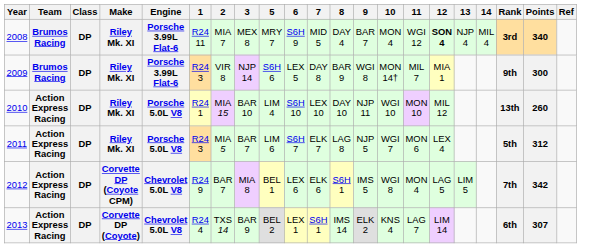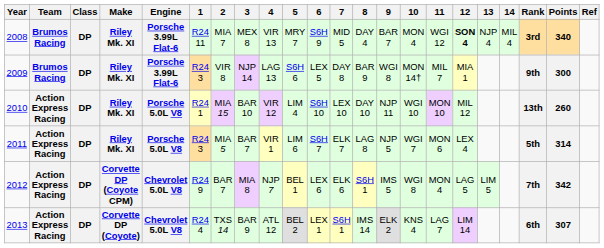 <table class="wikitable" style="text-align:center; font-size:90%">
 <tr>
 <th>Year</th>
 <th>Team</th>
 <th>Class</th>
 <th>Make</th>
 <th>Engine</th>
 <th>1</th>
 <th>2</th>
 <th>3</th>
+<th>4</th>
 <th>5</th>
 <th>6</th>
 <th>7</th>
 <th>8</th>
 <th>9</th>
 <th>10</th>
 <th>11</th>
 <th>12</th>
 <th>13</th>
 <th>14</th>
 <th>Rank</th>
 <th>Points</th>
 <th>Ref</th>
 </tr>
 <tr>
 <td><a href='#'>2008</a></td>
 <th><a href='#'>Brumos Racing</a></th>
 <th>DP</th>
 <th><a href='#'>Riley</a> Mk. XI</th>
 <th><a href='#'>Porsche</a> 3.99L <a href='#'>Flat-6</a></th>
 <td style="background:#DFFFDF;"><a href='#'>R24</a><br>11</td>
 <td style="background:#DFFFDF;">MIA<br>7</td>
 <td style="background:#DFFFDF;">MEX<br>8</td>
+<td style="background:#DFFFDF;">VIR<br>13</td>
 <td style="background:#DFFFDF;">MRY<br>7</td>
 <td style="background:#DFFFDF;"><a href='#'>S6H</a><br>9</td>
 <td style="background:#DFFFDF;">MID<br>5</td>
 <td style="background:#DFFFDF;">DAY<br>4</td>
 <td style="background:#DFFFDF;">BAR<br>7</td>
 <td style="background:#DFFFDF;">MON<br>4</td>
 <td style="background:#DFFFDF;">WGI<br>12</td>
 <td style="background:#DFFFDF;"><strong>SON <br>4</strong></td>
 <td style="background:#DFFFDF;">NJP<br>4</td>
 <td style="background:#DFFFDF;">MIL<br>4</td>
 <th style="background:#FFDF9F;”">3rd</th>
 <th style="background:#FFDF9F;”">340</th>
 <td></td>
 </tr>
 <tr>
 <td><a href='#'>2009</a></td>
 <th><a href='#'>Brumos Racing</a></th>
 <th>DP</th>
 <th><a href='#'>Riley</a> Mk. XI</th>
 <th><a href='#'>Porsche</a> 3.99L <a href='#'>Flat-6</a></th>
 <td style="background:#FFDF9F;”"><a href='#'>R24</a><br>3</td>
 <td style="background:#DFFFDF;">VIR<br>8</td>
 <td style="background:#EFCFFF;">NJP<br>14</td>
+<td style="background:#DFFFDF;">LAG<br>13</td>
 <td style="background:#DFFFDF;"><a href='#'>S6H</a><br>6</td>
 <td style="background:#DFFFDF;">LEX<br>5</td>
 <td style="background:#DFFFDF;">DAY<br>8</td>
 <td style="background:#DFFFDF;">BAR<br>9</td>
 <td style="background:#DFFFDF;">WGI<br>8</td>
 <td style="background:#DFFFDF;">MON<br>14†</td>
 <td style="background:#DFFFDF;">MIL<br>7</td>
 <td style="background:#FFFFBF;”">MIA<br>1</td>
 <td></td>
 <td></td>
 <th>9th</th>
 <th>300</th>
 <td></td>
 </tr>
 <tr>
 <td><a href='#'>2010</a></td>
 <th>Action Express Racing</th>
 <th>DP</th>
 <th><a href='#'>Riley</a> Mk. XI</th>
 <th><a href='#'>Porsche</a> 5.0L <a href='#'>V8</a></th>
 <td style="background:#FFFFBF;”"><a href='#'>R24</a><br>1</td>
 <td style="background:#EFCFFF;">MIA<br><em>15</em></td>
 <td style="background:#DFFFDF;">BAR<br>10</td>
+<td style="background:#EFCFFF;">VIR<br>12</td>
 <td style="background:#DFFFDF;">LIM<br>4</td>
 <td style="background:#DFFFDF;"><a href='#'>S6H</a><br>10</td>
 <td style="background:#DFFFDF;">LEX<br>10</td>
 <td style="background:#DFFFDF;">DAY<br>10</td>
 <td style="background:#DFFFDF;">NJP<br>11</td>
 <td style="background:#DFFFDF;">WGI<br>10</td>
 <td style="background:#EFCFFF;">MON<br>10</td>
 <td style="background:#DFFFDF;">MIL<br>12</td>
 <td></td>
 <td></td>
 <th>13th</th>
 <th>260</th>
 <td></td>
 </tr>
 <tr>
 <td><a href='#'>2011</a></td>
 <th>Action Express Racing</th>
 <th>DP</th>
 <th><a href='#'>Riley</a> Mk. XI</th>
 <th><a href='#'>Porsche</a> 5.0L <a href='#'>V8</a></th>
 <td style="background:#FFDF9F;”"><a href='#'>R24</a><br>3</td>
 <td style="background:#DFFFDF;">MIA<br><em>5</em></td>
 <td style="background:#DFFFDF;">BAR<br>7</td>
+<td style="background:#FFFFBF;”">VIR<br>1</td>
 <td style="background:#DFFFDF;">LIM<br>6</td>
 <td style="background:#DFFFDF;"><a href='#'>S6H</a><br>7</td>
 <td style="background:#DFFFDF;">ELK<br>7</td>
 <td style="background:#DFFFDF;">LAG<br>8</td>
 <td style="background:#DFFFDF;">NJP<br>5</td>
 <td style="background:#DFFFDF;">WGI<br>7</td>
 <td style="background:#DFFFDF;">MON<br>6</td>
 <td style="background:#DFFFDF;">LEX<br>4</td>
 <td></td>
 <td></td>
 <th>5th</th>
-<th>312</th>
+<th>314</th>
 <td></td>
 </tr>
 <tr>
 <td><a href='#'>2012</a></td>
 <th>Action Express Racing</th>
 <th>DP</th>
 <th><a href='#'>Corvette DP</a> (<a href='#'>Coyote</a> CPM)</th>
 <th><a href='#'>Chevrolet</a> 5.0L <a href='#'>V8</a></th>
 <td style="background:#DFFFDF;"><a href='#'>R24</a><br>9</td>
 <td style="background:#DFFFDF;">BAR<br>7</td>
 <td style="background:#EFCFFF;">MIA<br>8</td>
+<td style="background:#DFFFDF;">NJP<br><em>7</em></td>
 <td style="background:#FFFFBF;”">BEL<br>1</td>
 <td style="background:#DFFFDF;">LEX<br>6</td>
 <td style="background:#DFFFDF;">ELK<br>6</td>
 <td style="background:#FFFFBF;”"><a href='#'>S6H</a><br>1</td>
 <td style="background:#DFFFDF;">IMS<br>5</td>
 <td style="background:#DFFFDF;">WGI<br>8</td>
 <td style="background:#DFFFDF;">MON<br>4</td>
 <td style="background:#DFFFDF;">LAG<br>5</td>
 <td style="background:#DFFFDF;">LIM<br>5</td>
 <td></td>
 <th>7th</th>
 <th>342</th>
 <td></td>
 </tr>
 <tr>
 <td><a href='#'>2013</a></td>
 <th>Action Express Racing</th>
 <th>DP</th>
 <th><a href='#'>Corvette</a> DP (<a href='#'>Coyote</a>)</th>
 <th><a href='#'>Chevrolet</a> 5.0L <a href='#'>V8</a></th>
 <td style="background:#DFFFDF;"><a href='#'>R24</a><br>4</td>
 <td style="background:#DFFFDF;">TXS<br><em>14</em></td>
 <td style="background:#DFFFDF;">BAR<br>9</td>
+<td style="background:#DFFFDF;">ATL<br>12</td>
 <td style="background:#DFDFDF;”">BEL<br>2</td>
 <td style="background:#FFFFBF;”">LEX<br>1</td>
 <td style="background:#FFFFBF;”"><a href='#'>S6H</a><br>1</td>
 <td style="background:#DFFFDF;">IMS<br>14</td>
 <td style="background:#DFDFDF;”">ELK<br>2</td>
 <td style="background:#DFFFDF;">KNS<br>4</td>
 <td style="background:#DFFFDF;">LAG<br>7</td>
 <td style="background:#EFCFFF;">LIM<br>14</td>
 <td></td>
 <td></td>
 <th>6th</th>
 <th>307</th>
 <td></td>
 </tr>
 </table>
